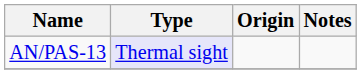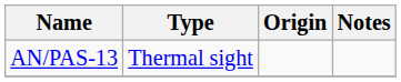 <table class="wikitable" ; text-align:"center;">
 <tr>
 <th>Name</th>
 <th>Type</th>
 <th>Origin</th>
 <th>Notes</th>
 </tr>
 <tr>
 <td><a href='#'>AN/PAS-13</a></td>
-<td style="background: lavender;"><a href='#'>Thermal sight</a></td>
+<td><a href='#'>Thermal sight</a></td>
 <td></td>
 <td></td>
 </tr>
 <tr>
 </tr>
 </table>
